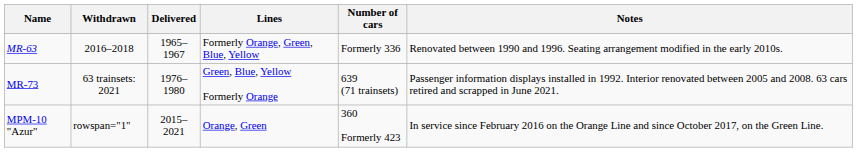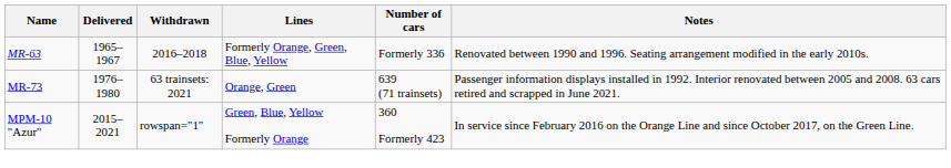 <table class="wikitable">
 <tr>
 <th>Name</th>
+<th>Delivered</th>
 <th>Withdrawn</th>
-<th>Delivered</th>
 <th>Lines</th>
 <th>Number of cars</th>
 <th>Notes</th>
 </tr>
 <tr>
 <td><em><a href='#'>MR-63</a></em></td>
+<td style="text-align:center;">1965–1967</td>
 <td style="text-align:center;">2016–2018</td>
-<td style="text-align:center;">1965–1967</td>
 <td>Formerly <a href='#'>Orange</a>, <a href='#'>Green</a>, <a href='#'>Blue</a>, <a href='#'>Yellow</a></td>
 <td>Formerly 336</td>
 <td>Renovated between 1990 and 1996. Seating arrangement modified in the early 2010s.</td>
 </tr>
 <tr>
 <td><a href='#'>MR-73</a></td>
+<td style="text-align: center;">1976–1980</td>
 <td style="text-align:center;">63 trainsets: 2021</td>
-<td style="text-align: center;">1976–1980</td>
-<td><a href='#'>Green</a>, <a href='#'>Blue</a>, <a href='#'>Yellow</a><br><br>Formerly <a href='#'>Orange</a></td>
+<td><a href='#'>Orange</a>, <a href='#'>Green</a></td>
 <td>639<br>(71 trainsets)</td>
 <td>Passenger information displays installed in 1992. Interior renovated between 2005 and 2008. 63 cars retired and scrapped in June 2021.</td>
 </tr>
 <tr>
 <td><a href='#'>MPM-10</a> "Azur"</td>
+<td style="text-align: center;">2015–2021</td>
 <td>rowspan="1" </td>
-<td style="text-align: center;">2015–2021</td>
-<td><a href='#'>Orange</a>, <a href='#'>Green</a></td>
+<td><a href='#'>Green</a>, <a href='#'>Blue</a>, <a href='#'>Yellow</a><br><br>Formerly <a href='#'>Orange</a></td>
 <td>360<br><br>Formerly 423</td>
 <td>In service since February 2016 on the Orange Line and since October 2017, on the Green Line.</td>
 </tr>
 </table>
